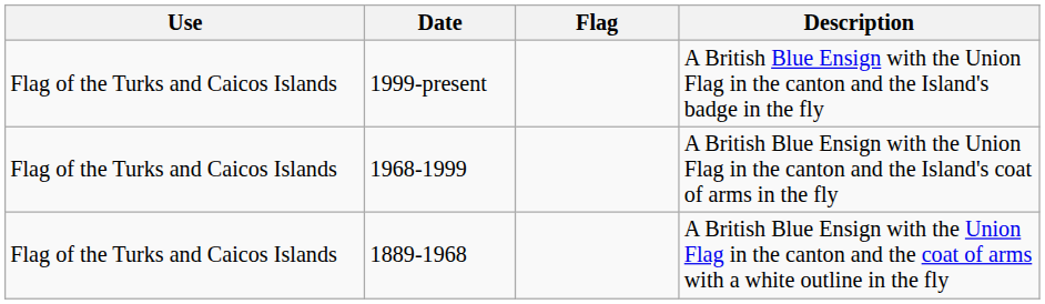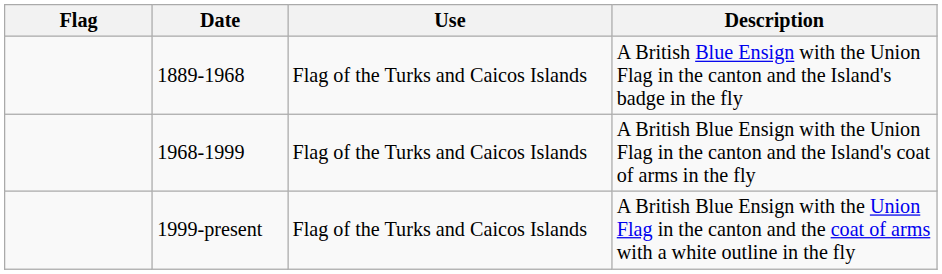 <table class="wikitable">
 <tr>
+<th width="110">Flag</th>
+<th width="100">Date</th>
 <th width="250">Use</th>
-<th width="100">Date</th>
-<th width="110">Flag</th>
 <th width="250">Description</th>
 </tr>
 <tr>
+<td></td>
+<td>1889-1968</td>
 <td>Flag of the Turks and Caicos Islands</td>
-<td>1999-present</td>
-<td></td>
 <td>A British <a href='#'>Blue Ensign</a> with the Union Flag in the canton and the Island's badge in the fly</td>
 </tr>
 <tr>
+<td></td>
+<td>1968-1999</td>
 <td>Flag of the Turks and Caicos Islands</td>
-<td>1968-1999</td>
-<td></td>
 <td>A British Blue Ensign with the Union Flag in the canton and the Island's coat of arms in the fly</td>
 </tr>
 <tr>
+<td></td>
+<td>1999-present</td>
 <td>Flag of the Turks and Caicos Islands</td>
-<td>1889-1968</td>
-<td></td>
 <td>A British Blue Ensign with the <a href='#'>Union Flag</a> in the canton and the <a href='#'>coat of arms</a> with a white outline in the fly</td>
 </tr>
 </table>
